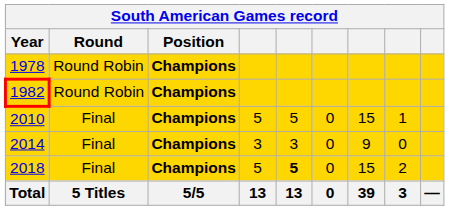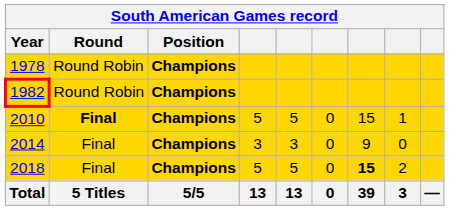 <table class="wikitable" style="text-align: center;">
 <tr>
 <th colspan=9><a href='#'>South American Games record</a></th>
 </tr>
 <tr>
 <th>Year</th>
 <th>Round</th>
 <th>Position</th>
 <th width=30></th>
 <th width=30></th>
 <th width=30></th>
 <th width=30></th>
 <th width=30></th>
 <th></th>
 </tr>
 <tr bgcolor=gold>
 <td> <a href='#'>1978</a></td>
 <td>Round Robin</td>
 <td align="center"><strong>Champions</strong></td>
 <td></td>
 <td></td>
 <td></td>
 <td></td>
 <td></td>
 <td></td>
 </tr>
 <tr bgcolor=gold>
 <td style="border: 3px solid red"> <a href='#'>1982</a></td>
 <td>Round Robin</td>
 <td align="center"><strong>Champions</strong></td>
 <td></td>
 <td></td>
 <td></td>
 <td></td>
 <td></td>
 <td></td>
 </tr>
 <tr bgcolor=gold>
 <td> <a href='#'>2010</a></td>
-<td>Final</td>
+<td><strong>Final</strong></td>
 <td align="center"><strong>Champions</strong></td>
 <td>5</td>
 <td>5</td>
 <td>0</td>
 <td>15</td>
 <td>1</td>
 <td></td>
 </tr>
 <tr bgcolor=gold>
 <td> <a href='#'>2014</a></td>
 <td>Final</td>
 <td align="center"><strong>Champions</strong></td>
 <td>3</td>
 <td>3</td>
 <td>0</td>
 <td>9</td>
 <td>0</td>
 <td></td>
 </tr>
 <tr bgcolor=gold>
 <td> <a href='#'>2018</a></td>
 <td>Final</td>
 <td align="center"><strong>Champions</strong></td>
 <td>5</td>
-<td><strong>5</strong></td>
+<td>5</td>
 <td>0</td>
-<td>15</td>
+<td><strong>15</strong></td>
 <td>2</td>
 <td></td>
 </tr>
 <tr>
 <th>Total</th>
 <th>5 Titles</th>
 <th>5/5</th>
 <th>13</th>
 <th>13</th>
 <th>0</th>
 <th>39</th>
 <th>3</th>
 <th>—</th>
 </tr>
 </table>
